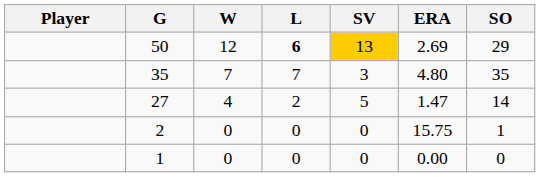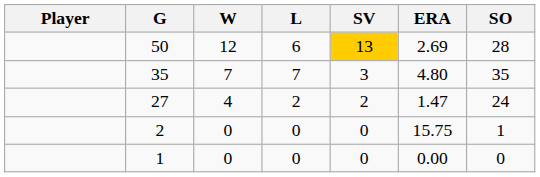 <table class="wikitable sortable">
 <tr>
 <th bgcolor="#DDDDFF" width="16%">Player</th>
 <th bgcolor="#DDDDFF" width="9%">G</th>
 <th bgcolor="#DDDDFF" width="9%">W</th>
 <th bgcolor="#DDDDFF" width="9%">L</th>
 <th bgcolor="#DDDDFF" width="9%">SV</th>
 <th bgcolor="#DDDDFF" width="9%">ERA</th>
 <th bgcolor="#DDDDFF" width="9%">SO</th>
 </tr>
 <tr align="center">
 <td></td>
 <td>50</td>
 <td>12</td>
-<td><strong>6</strong></td>
+<td>6</td>
 <td style="background:#fc0;">13</td>
 <td>2.69</td>
-<td>29</td>
+<td>28</td>
 </tr>
 <tr align="center">
 <td></td>
 <td>35</td>
 <td>7</td>
 <td>7</td>
 <td>3</td>
 <td>4.80</td>
 <td>35</td>
 </tr>
 <tr align="center">
 <td></td>
 <td>27</td>
 <td>4</td>
 <td>2</td>
-<td>5</td>
+<td>2</td>
 <td>1.47</td>
-<td>14</td>
+<td>24</td>
 </tr>
 <tr align="center">
 <td></td>
 <td>2</td>
 <td>0</td>
 <td>0</td>
 <td>0</td>
 <td>15.75</td>
 <td>1</td>
 </tr>
 <tr align="center">
 <td></td>
 <td>1</td>
 <td>0</td>
 <td>0</td>
 <td>0</td>
 <td>0.00</td>
 <td>0</td>
 </tr>
 </table>
